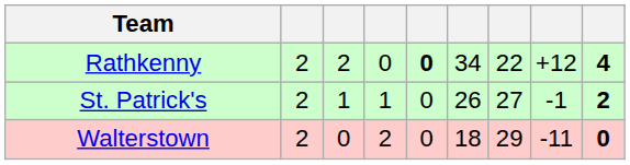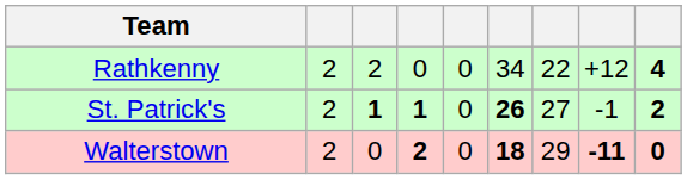 <table class="wikitable" style="text-align:center">
 <tr>
 <th style="width:175px;">Team</th>
 <th width="20"></th>
 <th width="20"></th>
 <th width="20"></th>
 <th width="20"></th>
 <th width="20"></th>
 <th width="20"></th>
 <th width="20"></th>
 <th width="20"></th>
 </tr>
 <tr style="background:#cfc;">
 <td><a href='#'>Rathkenny</a></td>
 <td>2</td>
 <td>2</td>
 <td>0</td>
-<td><strong>0</strong></td>
+<td>0</td>
 <td>34</td>
 <td>22</td>
 <td>+12</td>
 <td><strong>4</strong></td>
 </tr>
 <tr style="background:#cfc;">
 <td><a href='#'>St. Patrick's</a></td>
 <td>2</td>
-<td>1</td>
-<td>1</td>
+<td><strong>1</strong></td>
+<td><strong>1</strong></td>
 <td>0</td>
-<td>26</td>
+<td><strong>26</strong></td>
 <td>27</td>
 <td>-1</td>
 <td><strong>2</strong></td>
 </tr>
 <tr style="background:#fcc;">
 <td><a href='#'>Walterstown</a></td>
 <td>2</td>
 <td>0</td>
-<td>2</td>
+<td><strong>2</strong></td>
 <td>0</td>
-<td>18</td>
+<td><strong>18</strong></td>
 <td>29</td>
-<td>-11</td>
+<td><strong>-11</strong></td>
 <td><strong>0</strong></td>
 </tr>
 </table>
